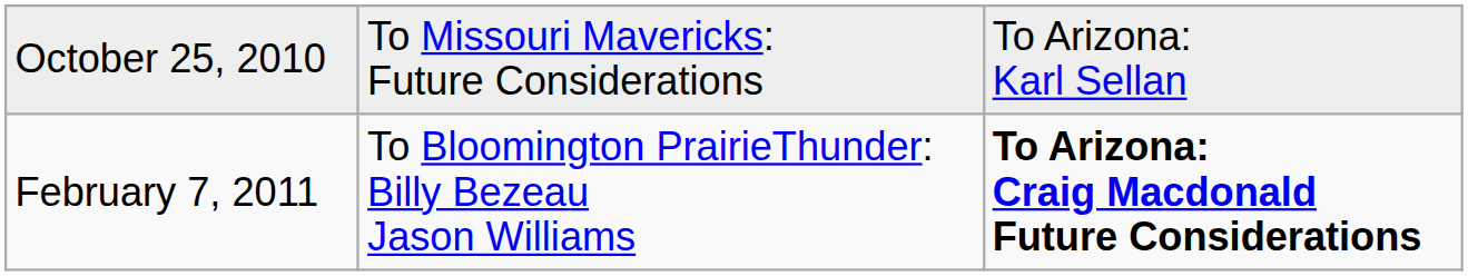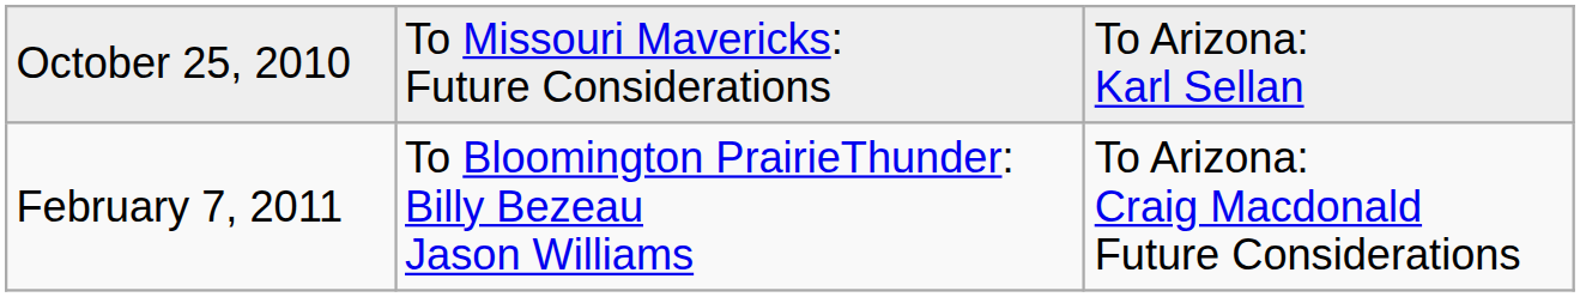 <table class="wikitable" style="border:1px; solid #999999; width:580px;">
 <tr bgcolor="eeeeee">
 <td>October 25, 2010</td>
 <td valign="top">To <a href='#'>Missouri Mavericks</a>: <br> Future Considerations</td>
 <td valign="top">To Arizona: <br> <a href='#'>Karl Sellan</a></td>
 </tr>
 <tr>
 <td>February 7, 2011</td>
 <td valign="top">To <a href='#'>Bloomington PrairieThunder</a>: <br> <a href='#'>Billy Bezeau</a> <br> <a href='#'>Jason Williams</a></td>
-<td valign="top"><strong>To Arizona: <br> <a href='#'>Craig Macdonald</a> <br> Future Considerations</strong></td>
+<td valign="top">To Arizona: <br> <a href='#'>Craig Macdonald</a> <br> Future Considerations</td>
 </tr>
 </table>
